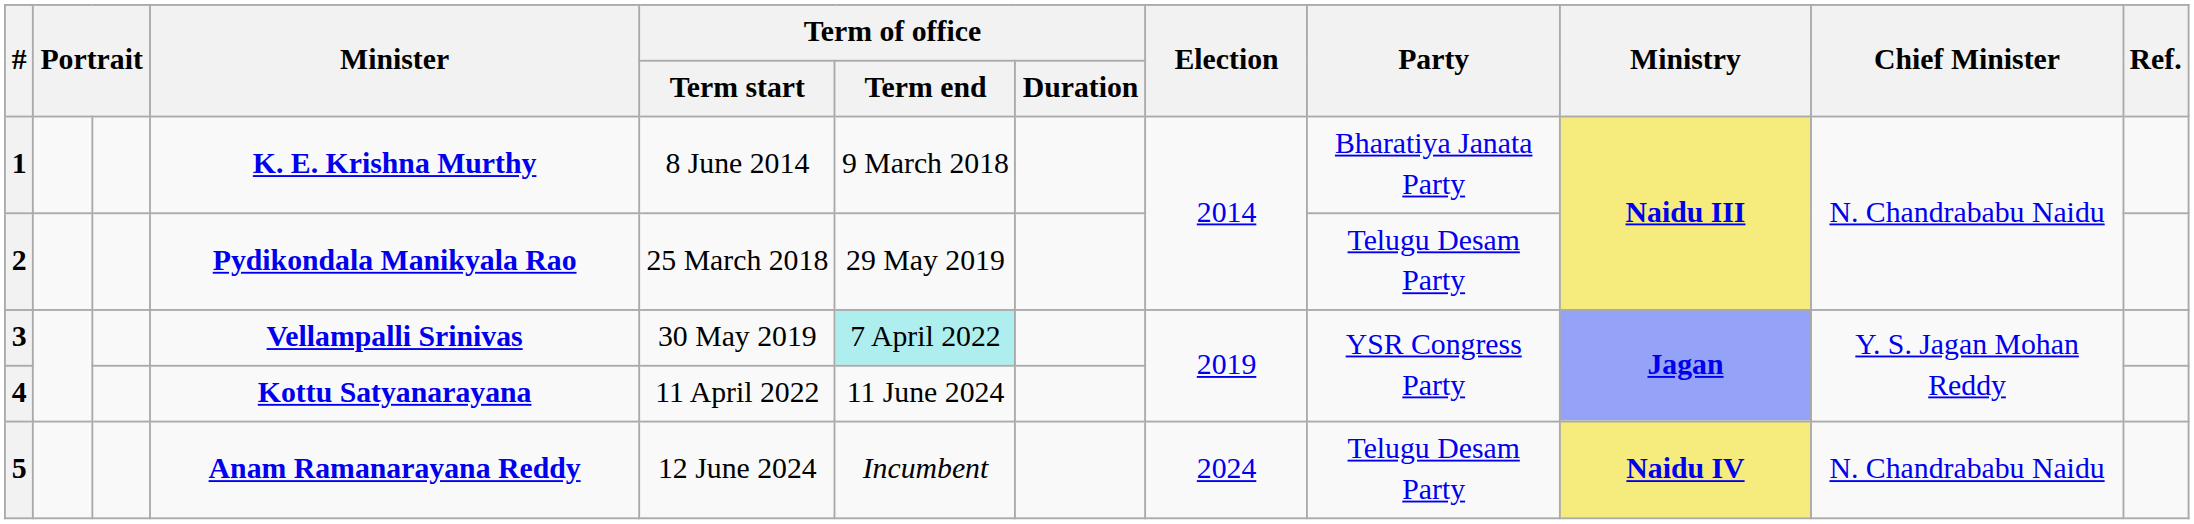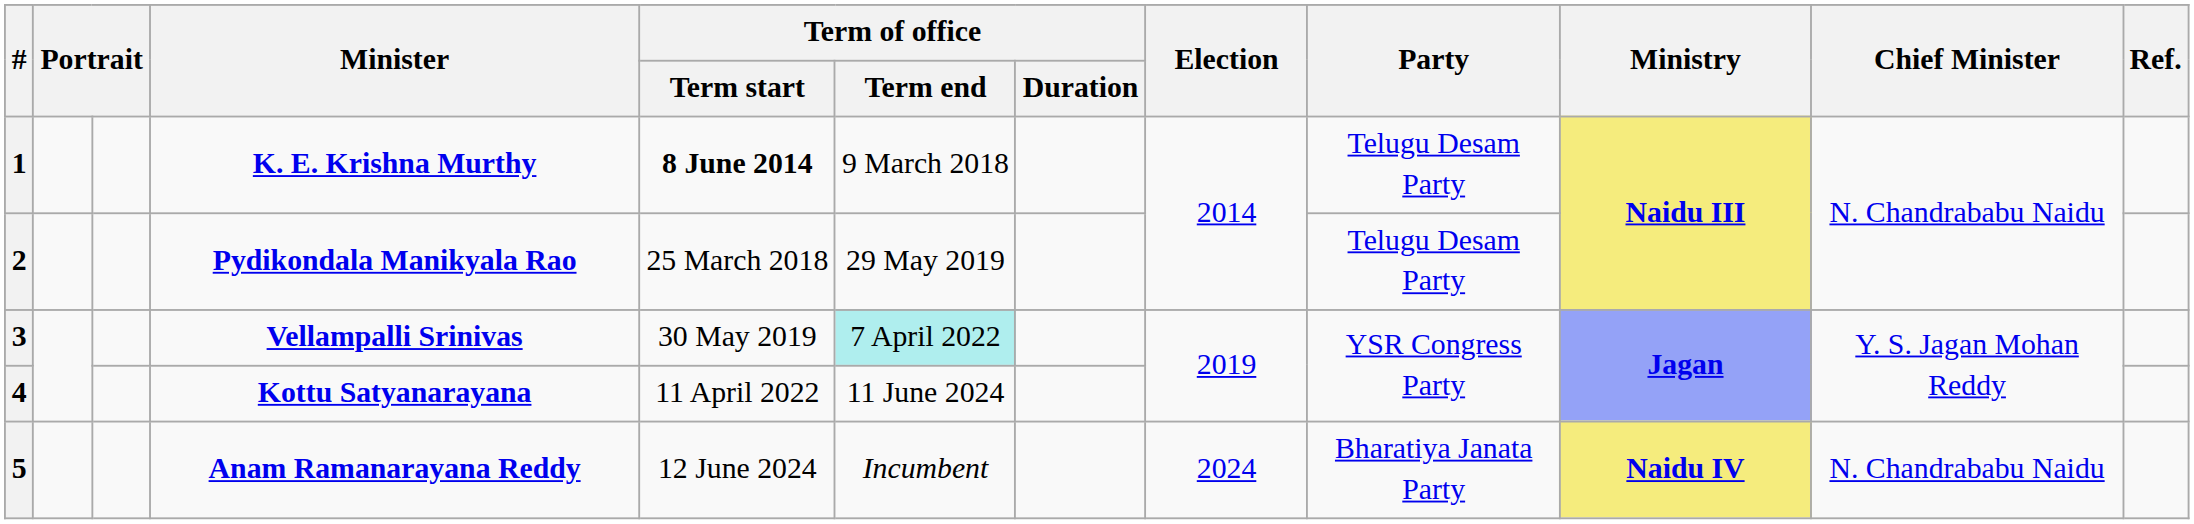 <table class="wikitable" style="line-height:1.4em; text-align:center">
 <tr>
 <th rowspan=2>#</th>
 <th rowspan=2 colspan="2">Portrait</th>
 <th rowspan=2 style="width:16em">Minister<br></th>
 <th colspan="3">Term of office</th>
 <th rowspan=2 style="width:5em">Election<br></th>
 <th rowspan=2 style="width:8em">Party</th>
 <th rowspan=2 style="width:8em">Ministry</th>
 <th rowspan=2 style="width:10em">Chief Minister</th>
 <th rowspan=2>Ref.</th>
 </tr>
 <tr>
 <th>Term start</th>
 <th>Term end</th>
 <th>Duration</th>
 </tr>
 <tr>
 <th>1</th>
 <td></td>
 <td></td>
 <td><strong><a href='#'>K. E. Krishna Murthy</a></strong><br></td>
-<td>8 June 2014</td>
+<td><strong>8 June 2014</strong></td>
 <td>9 March 2018</td>
 <td><strong></strong></td>
 <td rowspan=2><a href='#'>2014</a><br></td>
-<td><a href='#'>Bharatiya Janata Party</a></td>
+<td><a href='#'>Telugu Desam Party</a></td>
 <td rowspan=2 bgcolor="#F5EC7D"><strong><a href='#'>Naidu III</a></strong></td>
 <td rowspan=2><a href='#'>N. Chandrababu Naidu</a></td>
 <td></td>
 </tr>
 <tr>
 <th>2</th>
 <td></td>
 <td></td>
 <td><strong><a href='#'>Pydikondala Manikyala Rao</a></strong><br></td>
 <td>25 March 2018</td>
 <td>29 May 2019</td>
 <td><strong></strong></td>
 <td><a href='#'>Telugu Desam Party</a></td>
 <td></td>
 </tr>
 <tr>
 <th>3</th>
 <td rowspan=2></td>
 <td></td>
 <td><strong><a href='#'>Vellampalli Srinivas</a></strong><br></td>
 <td>30 May 2019</td>
 <td style="background: paleturquoise;">7 April 2022</td>
 <td><strong></strong></td>
 <td rowspan=2><a href='#'>2019</a><br></td>
 <td rowspan="2"><a href='#'>YSR Congress Party</a></td>
 <td rowspan=2 bgcolor="#94A2F7"><strong><a href='#'>Jagan</a></strong></td>
 <td rowspan="2"><a href='#'>Y. S. Jagan Mohan Reddy</a></td>
 <td></td>
 </tr>
 <tr>
 <th>4</th>
 <td></td>
 <td><strong><a href='#'>Kottu Satyanarayana</a></strong><br></td>
 <td>11 April 2022</td>
 <td>11 June 2024</td>
 <td><strong></strong></td>
 <td></td>
 </tr>
 <tr>
 <th>5</th>
 <td></td>
 <td></td>
 <td><strong><a href='#'>Anam Ramanarayana Reddy</a></strong><br></td>
 <td>12 June 2024</td>
 <td><em>Incumbent</em></td>
 <td><strong></strong></td>
 <td><a href='#'>2024</a><br></td>
-<td><a href='#'>Telugu Desam Party</a></td>
+<td><a href='#'>Bharatiya Janata Party</a></td>
 <td bgcolor="#F5EC7D"><strong><a href='#'>Naidu IV</a></strong></td>
 <td><a href='#'>N. Chandrababu Naidu</a></td>
 <td></td>
 </tr>
 </table>
